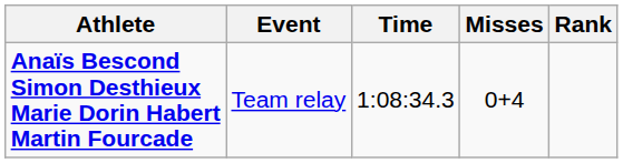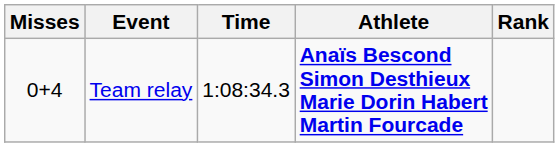 <table class=wikitable style=font-size:90%>
 <tr>
-<th>Athlete</th>
+<th>Misses</th>
 <th>Event</th>
 <th>Time</th>
-<th>Misses</th>
+<th>Athlete</th>
 <th>Rank</th>
 </tr>
 <tr align=center>
-<td align=left><strong><a href='#'>Anaïs Bescond</a><br><a href='#'>Simon Desthieux</a><br><a href='#'>Marie Dorin Habert</a><br><a href='#'>Martin Fourcade</a></strong></td>
+<td>0+4</td>
 <td align=left><a href='#'>Team relay</a></td>
 <td>1:08:34.3</td>
-<td>0+4</td>
+<td align=left><strong><a href='#'>Anaïs Bescond</a><br><a href='#'>Simon Desthieux</a><br><a href='#'>Marie Dorin Habert</a><br><a href='#'>Martin Fourcade</a></strong></td>
 <td></td>
 </tr>
 </table>
